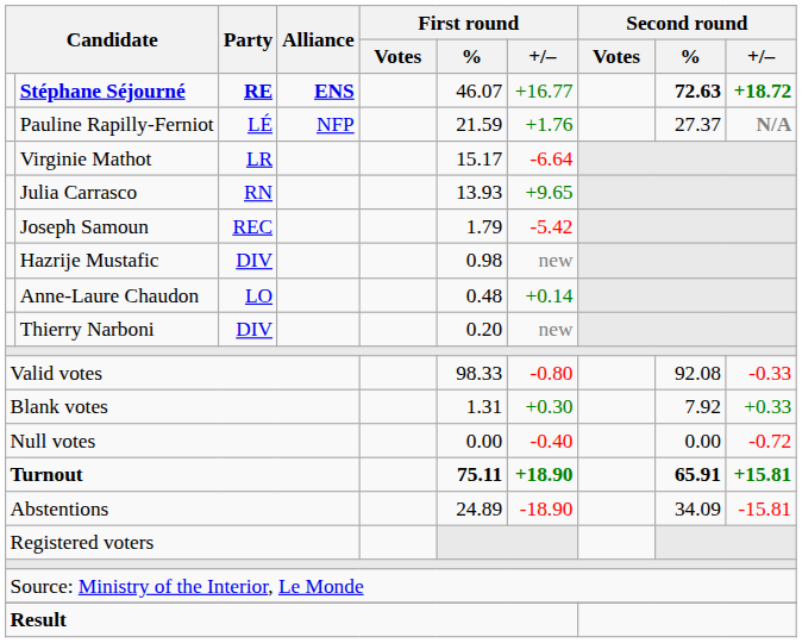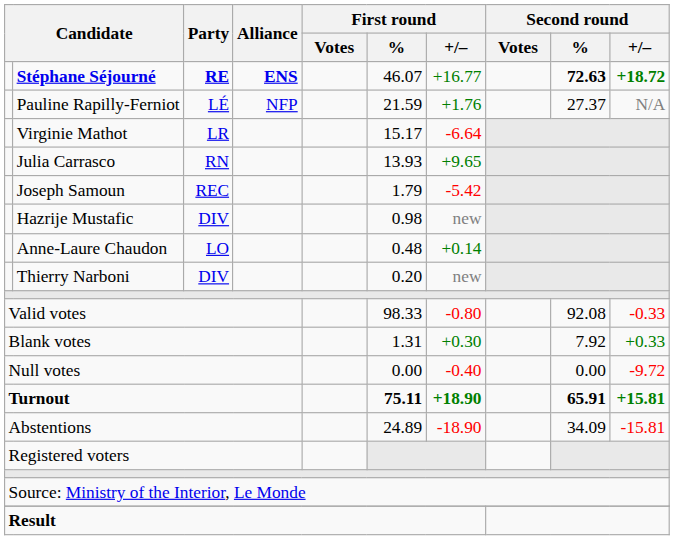 <table class="wikitable" style="text-align:right;font-size:95%;">
 <tr>
 <th colspan="2" rowspan="2">Candidate</th>
 <th rowspan="2">Party</th>
 <th rowspan="2">Alliance</th>
 <th colspan="3">First round</th>
 <th colspan="3">Second round</th>
 </tr>
 <tr>
 <th style="width:50px;">Votes</th>
 <th style="width:45px;">%</th>
 <th style="width:45px;">+/–</th>
 <th style="width:50px;">Votes</th>
 <th style="width:45px;">%</th>
 <th style="width:45px;">+/–</th>
 </tr>
 <tr>
 <td style="color:inherit;background:"></td>
 <td style="text-align:left;"><strong><a href='#'>Stéphane Séjourné</a></strong></td>
 <td><a href='#'><strong>RE</strong></a></td>
 <td><a href='#'><strong>ENS</strong></a></td>
 <td></td>
 <td>46.07</td>
 <td style="color:green;">+16.77</td>
 <td><strong></strong></td>
 <td><strong>72.63</strong></td>
 <td style="color:green;"><strong>+18.72</strong></td>
 </tr>
 <tr>
 <td style="color:inherit;background:"></td>
 <td style="text-align:left;">Pauline Rapilly-Ferniot</td>
 <td><a href='#'>LÉ</a></td>
 <td><a href='#'>NFP</a></td>
 <td></td>
 <td>21.59</td>
 <td style="color:green;">+1.76</td>
 <td></td>
 <td>27.37</td>
-<td style="color:grey;"><strong>N/A</strong></td>
+<td style="color:grey;">N/A</td>
 </tr>
 <tr>
 <td style="color:inherit;background:"></td>
 <td style="text-align:left;">Virginie Mathot</td>
 <td><a href='#'>LR</a></td>
 <td></td>
 <td></td>
 <td>15.17</td>
 <td style="color:red;">-6.64</td>
 <td colspan="3" style="background:#E9E9E9;"></td>
 </tr>
 <tr>
 <td style="color:inherit;background:"></td>
 <td style="text-align:left;">Julia Carrasco</td>
 <td><a href='#'>RN</a></td>
 <td></td>
 <td></td>
 <td>13.93</td>
 <td style="color:green;">+9.65</td>
 <td colspan="3" style="background:#E9E9E9;"></td>
 </tr>
 <tr>
 <td style="color:inherit;background:"></td>
 <td style="text-align:left;">Joseph Samoun</td>
 <td><a href='#'>REC</a></td>
 <td></td>
 <td></td>
 <td>1.79</td>
 <td style="color:red;">-5.42</td>
 <td colspan="3" style="background:#E9E9E9;"></td>
 </tr>
 <tr>
 <td style="color:inherit;background:"></td>
 <td style="text-align:left;">Hazrije Mustafic</td>
 <td><a href='#'>DIV</a></td>
 <td></td>
 <td></td>
 <td>0.98</td>
 <td style="color:grey;">new</td>
 <td colspan="3" style="background:#E9E9E9;"></td>
 </tr>
 <tr>
 <td style="color:inherit;background:"></td>
 <td style="text-align:left;">Anne-Laure Chaudon</td>
 <td><a href='#'>LO</a></td>
 <td></td>
 <td></td>
 <td>0.48</td>
 <td style="color:green;">+0.14</td>
 <td colspan="3" style="background:#E9E9E9;"></td>
 </tr>
 <tr>
 <td style="color:inherit;background:"></td>
 <td style="text-align:left;">Thierry Narboni</td>
 <td><a href='#'>DIV</a></td>
 <td></td>
 <td></td>
 <td>0.20</td>
 <td style="color:grey;">new</td>
 <td colspan="3" style="background:#E9E9E9;"></td>
 </tr>
 <tr>
 <td colspan="10" style="background:#E9E9E9;"></td>
 </tr>
 <tr>
 <td colspan="4" style="text-align:left;">Valid votes</td>
 <td></td>
 <td>98.33</td>
 <td style="color:red;">-0.80</td>
 <td></td>
 <td>92.08</td>
 <td style="color:red;">-0.33</td>
 </tr>
 <tr>
 <td colspan="4" style="text-align:left;">Blank votes</td>
 <td></td>
 <td>1.31</td>
 <td style="color:green;">+0.30</td>
 <td></td>
 <td>7.92</td>
 <td style="color:green;">+0.33</td>
 </tr>
 <tr>
 <td colspan="4" style="text-align:left;">Null votes</td>
 <td></td>
 <td>0.00</td>
 <td style="color:red;">-0.40</td>
 <td></td>
 <td>0.00</td>
-<td style="color:red;">-0.72</td>
+<td style="color:red;">-9.72</td>
 </tr>
 <tr>
 <td colspan="4" style="text-align:left;"><strong>Turnout</strong></td>
 <td><strong></strong></td>
 <td><strong>75.11</strong></td>
 <td style="color:green;"><strong>+18.90</strong></td>
 <td><strong></strong></td>
 <td><strong>65.91</strong></td>
 <td style="color:green;"><strong>+15.81</strong></td>
 </tr>
 <tr>
 <td colspan="4" style="text-align:left;">Abstentions</td>
 <td></td>
 <td>24.89</td>
 <td style="color:red;">-18.90</td>
 <td></td>
 <td>34.09</td>
 <td style="color:red;">-15.81</td>
 </tr>
 <tr>
 <td colspan="4" style="text-align:left;">Registered voters</td>
 <td></td>
 <td colspan="2" style="background:#E9E9E9;"></td>
 <td></td>
 <td colspan="2" style="background:#E9E9E9;"></td>
 </tr>
 <tr>
 <td colspan="10" style="background:#E9E9E9;"></td>
 </tr>
 <tr>
 <td colspan="10" style="text-align:left;">Source: <a href='#'>Ministry of the Interior</a>, <a href='#'>Le Monde</a></td>
 </tr>
 <tr>
 </tr>
 <tr style="font-weight:bold">
 <td colspan="7" style="text-align:left;">Result</td>
 <td colspan="3" style="background-color:"></td>
 </tr>
 </table>
